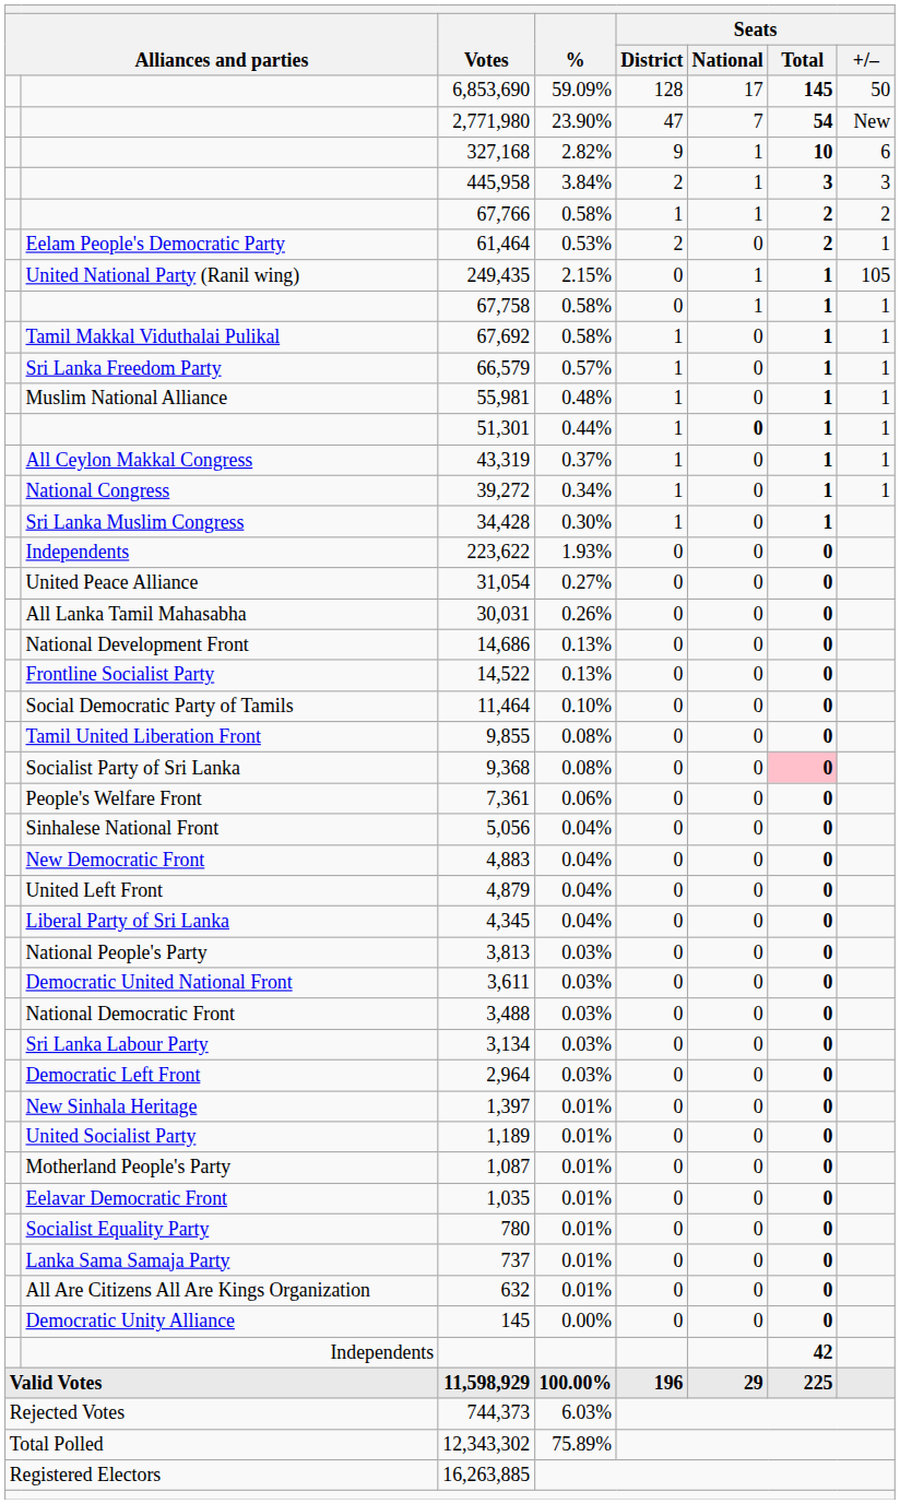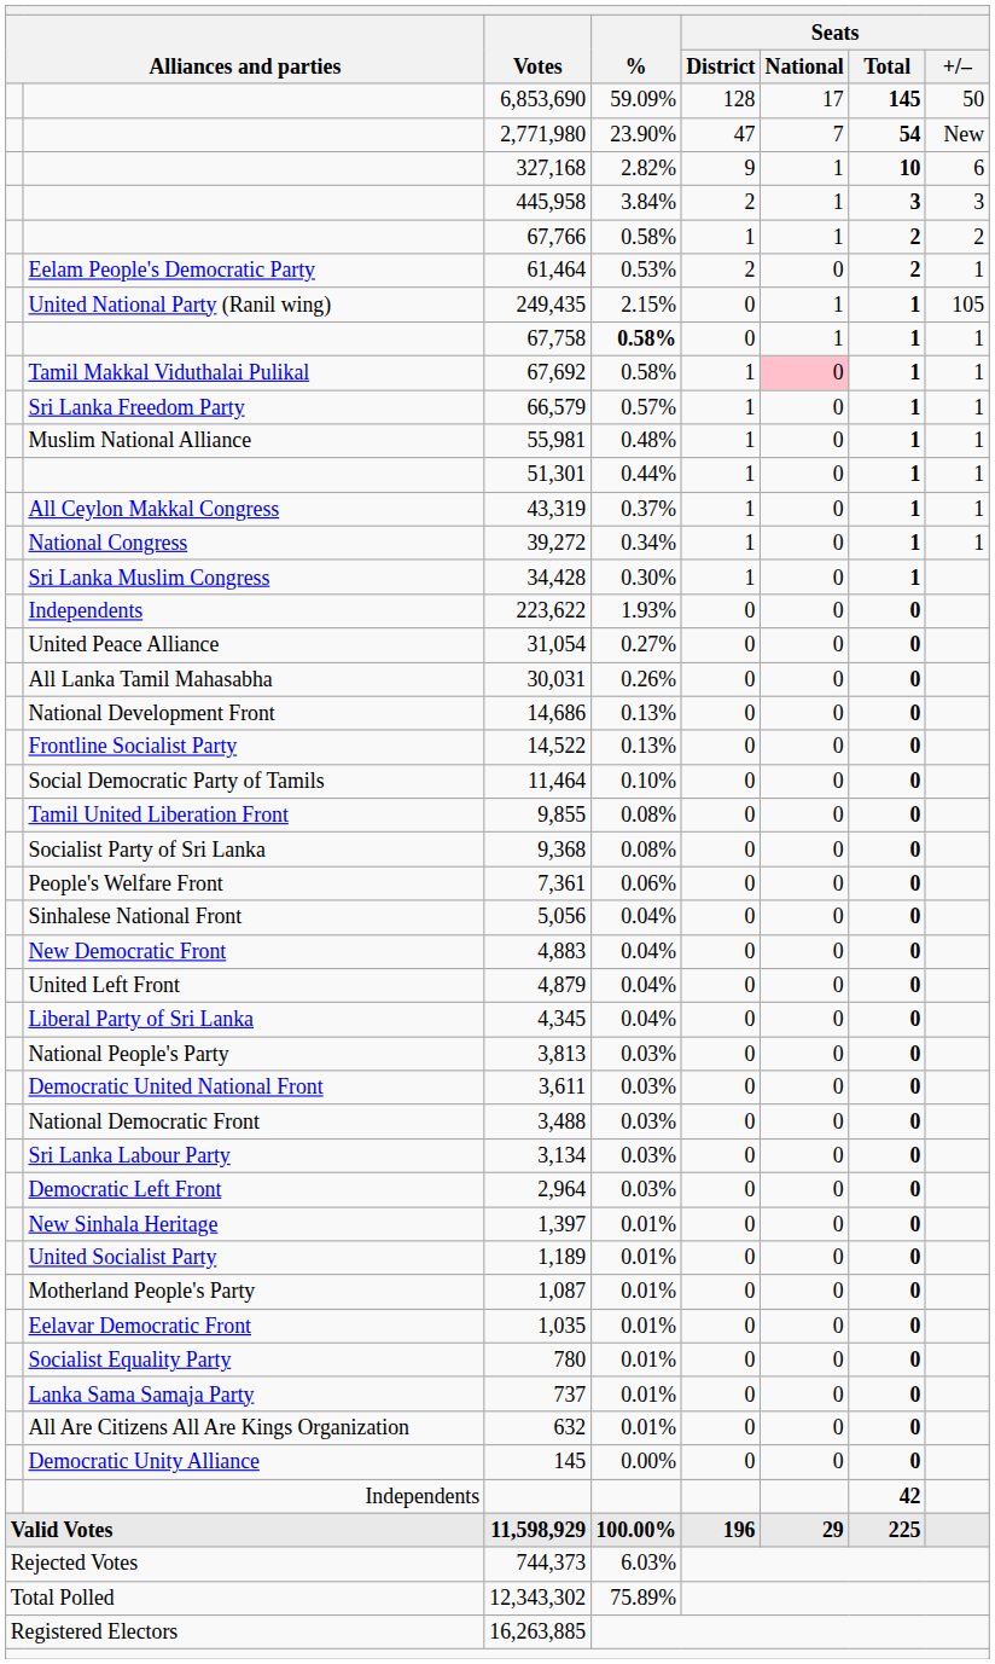 <table class="wikitable" border="1" style="font-size:100%; text-align:right; border:0px; margin-top:-1px; margin-bottom:0;">
 <tr>
 <th colspan="8"></th>
 </tr>
 <tr>
 <th valign=bottom rowspan=2 colspan=2 width="350">Alliances and parties</th>
 <th valign=bottom rowspan=2 width="60">Votes</th>
 <th valign=bottom rowspan=2 width="50">%</th>
 <th valign=bottom colspan=4>Seats</th>
 </tr>
 <tr>
 <th width="50">District</th>
 <th width="50">National</th>
 <th width="50">Total</th>
 <th width="40">+/–</th>
 </tr>
 <tr style="vertical-align:top;">
 <td style="background-color:"> </td>
 <td></td>
 <td>6,853,690</td>
 <td>59.09%</td>
 <td>128</td>
 <td>17</td>
 <td><strong>145</strong></td>
 <td>50</td>
 </tr>
 <tr style="vertical-align:top;">
 <td style="background-color:"> </td>
 <td></td>
 <td>2,771,980</td>
 <td>23.90%</td>
 <td>47</td>
 <td>7</td>
 <td><strong>54</strong></td>
 <td>New</td>
 </tr>
 <tr style="vertical-align:top;">
 <td style="background-color:"> </td>
 <td></td>
 <td>327,168</td>
 <td>2.82%</td>
 <td>9</td>
 <td>1</td>
 <td><strong>10</strong></td>
 <td>6</td>
 </tr>
 <tr style="vertical-align:top;">
 <td style="background-color:"> </td>
 <td></td>
 <td>445,958</td>
 <td>3.84%</td>
 <td>2</td>
 <td>1</td>
 <td><strong>3</strong></td>
 <td>3</td>
 </tr>
 <tr style="vertical-align:top;">
 <td style="background-color:"> </td>
 <td></td>
 <td>67,766</td>
 <td>0.58%</td>
 <td>1</td>
 <td>1</td>
 <td><strong>2</strong></td>
 <td>2</td>
 </tr>
 <tr>
 <td style="background-color:"> </td>
 <td style="text-align:left;"><a href='#'>Eelam People's Democratic Party</a></td>
 <td>61,464</td>
 <td>0.53%</td>
 <td>2</td>
 <td>0</td>
 <td><strong>2</strong></td>
 <td>1</td>
 </tr>
 <tr>
 <td style="background-color:"> </td>
 <td style="text-align:left;"><a href='#'>United National Party</a> (Ranil wing)</td>
 <td>249,435</td>
 <td>2.15%</td>
 <td>0</td>
 <td>1</td>
 <td><strong>1</strong></td>
 <td>105</td>
 </tr>
 <tr style="vertical-align:top;">
 <td></td>
 <td></td>
 <td>67,758</td>
-<td>0.58%</td>
+<td><strong>0.58%</strong></td>
 <td>0</td>
 <td>1</td>
 <td><strong>1</strong></td>
 <td>1</td>
 </tr>
 <tr>
 <td></td>
 <td style="text-align:left;"><a href='#'>Tamil Makkal Viduthalai Pulikal</a></td>
 <td>67,692</td>
 <td>0.58%</td>
 <td>1</td>
-<td>0</td>
+<td style="background: pink;">0</td>
 <td><strong>1</strong></td>
 <td>1</td>
 </tr>
 <tr>
 <td style="background-color:"> </td>
 <td style="text-align:left;"><a href='#'>Sri Lanka Freedom Party</a></td>
 <td>66,579</td>
 <td>0.57%</td>
 <td>1</td>
 <td>0</td>
 <td><strong>1</strong></td>
 <td>1</td>
 </tr>
 <tr>
 <td></td>
 <td style="text-align:left;">Muslim National Alliance</td>
 <td>55,981</td>
 <td>0.48%</td>
 <td>1</td>
 <td>0</td>
 <td><strong>1</strong></td>
 <td>1</td>
 </tr>
 <tr style="vertical-align:top;">
 <td style="background-color:"> </td>
 <td></td>
 <td>51,301</td>
 <td>0.44%</td>
 <td>1</td>
-<td><strong>0</strong></td>
+<td>0</td>
 <td><strong>1</strong></td>
 <td>1</td>
 </tr>
 <tr>
 <td style="background-color:"> </td>
 <td style="text-align:left;"><a href='#'>All Ceylon Makkal Congress</a></td>
 <td>43,319</td>
 <td>0.37%</td>
 <td>1</td>
 <td>0</td>
 <td><strong>1</strong></td>
 <td>1</td>
 </tr>
 <tr>
 <td style="background-color:"> </td>
 <td style="text-align:left;"><a href='#'>National Congress</a></td>
 <td>39,272</td>
 <td>0.34%</td>
 <td>1</td>
 <td>0</td>
 <td><strong>1</strong></td>
 <td>1</td>
 </tr>
 <tr>
 <td style="background-color:"> </td>
 <td style="text-align:left;"><a href='#'>Sri Lanka Muslim Congress</a></td>
 <td>34,428</td>
 <td>0.30%</td>
 <td>1</td>
 <td>0</td>
 <td><strong>1</strong></td>
 <td></td>
 </tr>
 <tr>
 <td style="background-color:"> </td>
 <td style="text-align:left;"><a href='#'>Independents</a></td>
 <td>223,622</td>
 <td>1.93%</td>
 <td>0</td>
 <td>0</td>
 <td><strong>0</strong></td>
 <td></td>
 </tr>
 <tr>
 <td></td>
 <td style="text-align:left;">United Peace Alliance</td>
 <td>31,054</td>
 <td>0.27%</td>
 <td>0</td>
 <td>0</td>
 <td><strong>0</strong></td>
 <td></td>
 </tr>
 <tr>
 <td></td>
 <td style="text-align:left;">All Lanka Tamil Mahasabha</td>
 <td>30,031</td>
 <td>0.26%</td>
 <td>0</td>
 <td>0</td>
 <td><strong>0</strong></td>
 <td></td>
 </tr>
 <tr>
 <td></td>
 <td style="text-align:left;">National Development Front</td>
 <td>14,686</td>
 <td>0.13%</td>
 <td>0</td>
 <td>0</td>
 <td><strong>0</strong></td>
 <td></td>
 </tr>
 <tr>
 <td style="background-color:"> </td>
 <td style="text-align:left;"><a href='#'>Frontline Socialist Party</a></td>
 <td>14,522</td>
 <td>0.13%</td>
 <td>0</td>
 <td>0</td>
 <td><strong>0</strong></td>
 <td></td>
 </tr>
 <tr>
 <td></td>
 <td style="text-align:left;">Social Democratic Party of Tamils</td>
 <td>11,464</td>
 <td>0.10%</td>
 <td>0</td>
 <td>0</td>
 <td><strong>0</strong></td>
 <td></td>
 </tr>
 <tr>
 <td style="background-color:"> </td>
 <td style="text-align:left;"><a href='#'>Tamil United Liberation Front</a></td>
 <td>9,855</td>
 <td>0.08%</td>
 <td>0</td>
 <td>0</td>
 <td><strong>0</strong></td>
 <td></td>
 </tr>
 <tr>
 <td></td>
 <td style="text-align:left;">Socialist Party of Sri Lanka</td>
 <td>9,368</td>
 <td>0.08%</td>
 <td>0</td>
 <td>0</td>
-<td style="background: pink;"><strong>0</strong></td>
+<td><strong>0</strong></td>
 <td></td>
 </tr>
 <tr>
 <td></td>
 <td style="text-align:left;">People's Welfare Front</td>
 <td>7,361</td>
 <td>0.06%</td>
 <td>0</td>
 <td>0</td>
 <td><strong>0</strong></td>
 <td></td>
 </tr>
 <tr>
 <td></td>
 <td style="text-align:left;">Sinhalese National Front</td>
 <td>5,056</td>
 <td>0.04%</td>
 <td>0</td>
 <td>0</td>
 <td><strong>0</strong></td>
 <td></td>
 </tr>
 <tr>
 <td style="background-color:"> </td>
 <td style="text-align:left;"><a href='#'>New Democratic Front</a></td>
 <td>4,883</td>
 <td>0.04%</td>
 <td>0</td>
 <td>0</td>
 <td><strong>0</strong></td>
 <td></td>
 </tr>
 <tr>
 <td></td>
 <td style="text-align:left;">United Left Front</td>
 <td>4,879</td>
 <td>0.04%</td>
 <td>0</td>
 <td>0</td>
 <td><strong>0</strong></td>
 <td></td>
 </tr>
 <tr>
 <td></td>
 <td style="text-align:left;"><a href='#'>Liberal Party of Sri Lanka</a></td>
 <td>4,345</td>
 <td>0.04%</td>
 <td>0</td>
 <td>0</td>
 <td><strong>0</strong></td>
 <td></td>
 </tr>
 <tr>
 <td></td>
 <td style="text-align:left;">National People's Party</td>
 <td>3,813</td>
 <td>0.03%</td>
 <td>0</td>
 <td>0</td>
 <td><strong>0</strong></td>
 <td></td>
 </tr>
 <tr>
 <td></td>
 <td style="text-align:left;"><a href='#'>Democratic United National Front</a></td>
 <td>3,611</td>
 <td>0.03%</td>
 <td>0</td>
 <td>0</td>
 <td><strong>0</strong></td>
 <td></td>
 </tr>
 <tr>
 <td></td>
 <td style="text-align:left;">National Democratic Front</td>
 <td>3,488</td>
 <td>0.03%</td>
 <td>0</td>
 <td>0</td>
 <td><strong>0</strong></td>
 <td></td>
 </tr>
 <tr>
 <td></td>
 <td style="text-align:left;"><a href='#'>Sri Lanka Labour Party</a></td>
 <td>3,134</td>
 <td>0.03%</td>
 <td>0</td>
 <td>0</td>
 <td><strong>0</strong></td>
 <td></td>
 </tr>
 <tr>
 <td style="background-color:"> </td>
 <td style="text-align:left;"><a href='#'>Democratic Left Front</a></td>
 <td>2,964</td>
 <td>0.03%</td>
 <td>0</td>
 <td>0</td>
 <td><strong>0</strong></td>
 <td></td>
 </tr>
 <tr>
 <td></td>
 <td style="text-align:left;"><a href='#'>New Sinhala Heritage</a></td>
 <td>1,397</td>
 <td>0.01%</td>
 <td>0</td>
 <td>0</td>
 <td><strong>0</strong></td>
 <td></td>
 </tr>
 <tr>
 <td style="background-color:"> </td>
 <td style="text-align:left;"><a href='#'>United Socialist Party</a></td>
 <td>1,189</td>
 <td>0.01%</td>
 <td>0</td>
 <td>0</td>
 <td><strong>0</strong></td>
 <td></td>
 </tr>
 <tr>
 <td></td>
 <td style="text-align:left;">Motherland People's Party</td>
 <td>1,087</td>
 <td>0.01%</td>
 <td>0</td>
 <td>0</td>
 <td><strong>0</strong></td>
 <td></td>
 </tr>
 <tr>
 <td style="background-color:"> </td>
 <td style="text-align:left;"><a href='#'>Eelavar Democratic Front</a></td>
 <td>1,035</td>
 <td>0.01%</td>
 <td>0</td>
 <td>0</td>
 <td><strong>0</strong></td>
 <td></td>
 </tr>
 <tr>
 <td style="background-color:"> </td>
 <td style="text-align:left;"><a href='#'>Socialist Equality Party</a></td>
 <td>780</td>
 <td>0.01%</td>
 <td>0</td>
 <td>0</td>
 <td><strong>0</strong></td>
 <td></td>
 </tr>
 <tr>
 <td style="background-color:"> </td>
 <td style="text-align:left;"><a href='#'>Lanka Sama Samaja Party</a></td>
 <td>737</td>
 <td>0.01%</td>
 <td>0</td>
 <td>0</td>
 <td><strong>0</strong></td>
 <td></td>
 </tr>
 <tr>
 <td></td>
 <td style="text-align:left;">All Are Citizens All Are Kings Organization</td>
 <td>632</td>
 <td>0.01%</td>
 <td>0</td>
 <td>0</td>
 <td><strong>0</strong></td>
 <td></td>
 </tr>
 <tr>
 <td style="background-color:"> </td>
 <td style="text-align:left;"><a href='#'>Democratic Unity Alliance</a></td>
 <td>145</td>
 <td>0.00%</td>
 <td>0</td>
 <td>0</td>
 <td><strong>0</strong></td>
 <td></td>
 </tr>
 <tr>
 <td></td>
 <td>Independents</td>
 <td></td>
 <td></td>
 <td></td>
 <td></td>
 <td><strong>42</strong></td>
 <td></td>
 </tr>
 <tr style="background-color:#E9E9E9; font-weight:bold">
 <td colspan=2 style="text-align:left;">Valid Votes</td>
 <td>11,598,929</td>
 <td>100.00%</td>
 <td>196</td>
 <td>29</td>
 <td>225</td>
 <td></td>
 </tr>
 <tr>
 <td colspan=2 style="text-align:left;">Rejected Votes</td>
 <td>744,373</td>
 <td>6.03%</td>
 <td colspan=4></td>
 </tr>
 <tr>
 <td colspan=2 style="text-align:left;">Total Polled</td>
 <td>12,343,302</td>
 <td>75.89%</td>
 <td colspan=4></td>
 </tr>
 <tr>
 <td colspan=2 style="text-align:left;">Registered Electors</td>
 <td>16,263,885</td>
 <td colspan=5></td>
 </tr>
 <tr>
 <th style="text-align:left; font-weight:normal; background:#F9F9F9" colspan="8"></th>
 </tr>
 </table>
